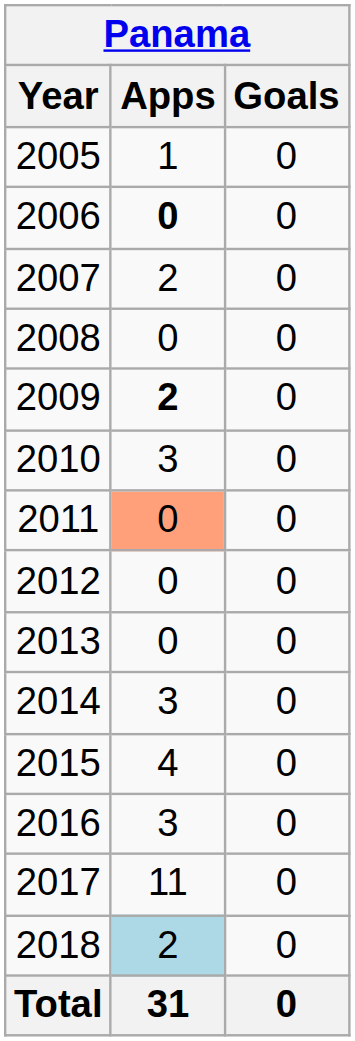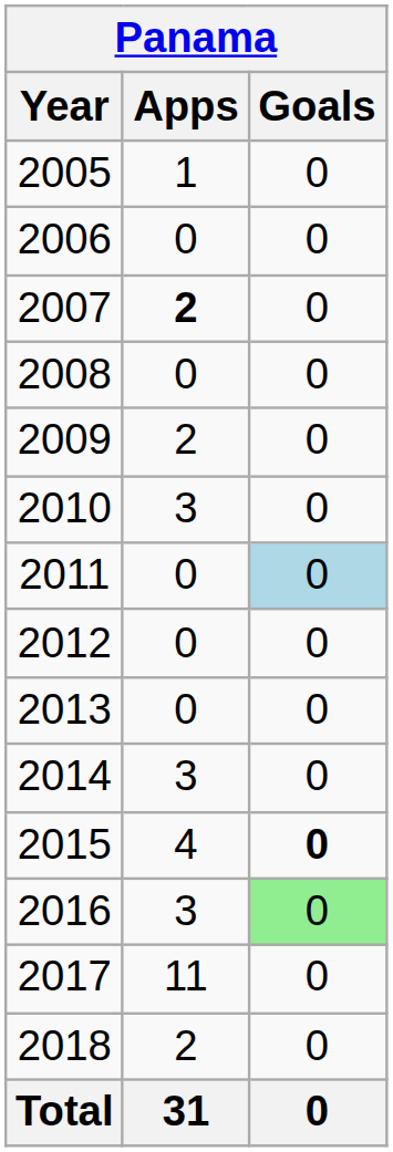 <table class="wikitable" style="text-align:center">
 <tr>
 <th colspan=3><a href='#'>Panama</a></th>
 </tr>
 <tr>
 <th>Year</th>
 <th>Apps</th>
 <th>Goals</th>
 </tr>
 <tr>
 <td>2005</td>
 <td>1</td>
 <td>0</td>
 </tr>
 <tr>
 <td>2006</td>
-<td><strong>0</strong></td>
+<td>0</td>
 <td>0</td>
 </tr>
 <tr>
 <td>2007</td>
-<td>2</td>
+<td><strong>2</strong></td>
 <td>0</td>
 </tr>
 <tr>
 <td>2008</td>
 <td>0</td>
 <td>0</td>
 </tr>
 <tr>
 <td>2009</td>
-<td><strong>2</strong></td>
+<td>2</td>
 <td>0</td>
 </tr>
 <tr>
 <td>2010</td>
 <td>3</td>
 <td>0</td>
 </tr>
 <tr>
 <td>2011</td>
-<td style="background: lightsalmon;">0</td>
 <td>0</td>
+<td style="background: lightblue;">0</td>
 </tr>
 <tr>
 <td>2012</td>
 <td>0</td>
 <td>0</td>
 </tr>
 <tr>
 <td>2013</td>
 <td>0</td>
 <td>0</td>
 </tr>
 <tr>
 <td>2014</td>
 <td>3</td>
 <td>0</td>
 </tr>
 <tr>
 <td>2015</td>
 <td>4</td>
-<td>0</td>
+<td><strong>0</strong></td>
 </tr>
 <tr>
 <td>2016</td>
 <td>3</td>
-<td>0</td>
+<td style="background: lightgreen;">0</td>
 </tr>
 <tr>
 <td>2017</td>
 <td>11</td>
 <td>0</td>
 </tr>
 <tr>
 <td>2018</td>
-<td style="background: lightblue;">2</td>
+<td>2</td>
 <td>0</td>
 </tr>
 <tr>
 <th>Total</th>
 <th>31</th>
 <th>0</th>
 </tr>
 </table>
